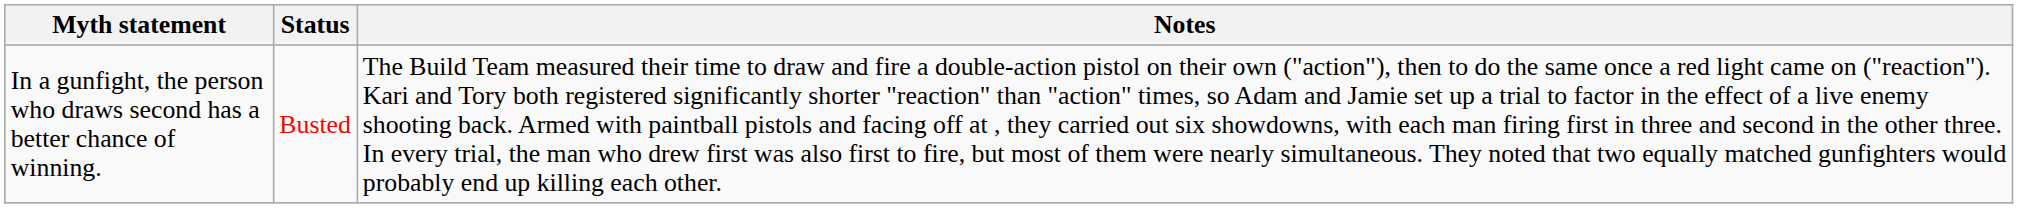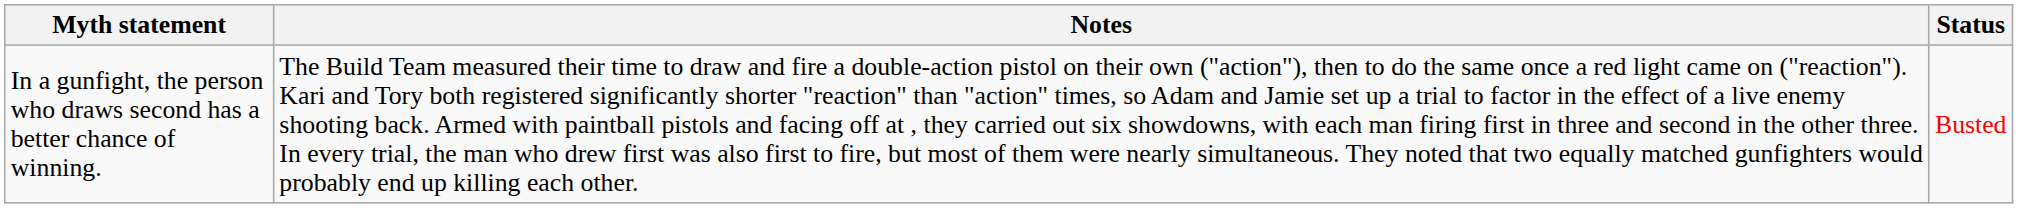 <table class="wikitable plainrowheaders">
 <tr>
 <th>Myth statement</th>
+<th>Notes</th>
 <th>Status</th>
-<th>Notes</th>
 </tr>
 <tr>
 <td>In a gunfight, the person who draws second has a better chance of winning.</td>
+<td>The Build Team measured their time to draw and fire a double-action pistol on their own ("action"), then to do the same once a red light came on ("reaction"). Kari and Tory both registered significantly shorter "reaction" than "action" times, so Adam and Jamie set up a trial to factor in the effect of a live enemy shooting back. Armed with paintball pistols and facing off at , they carried out six showdowns, with each man firing first in three and second in the other three. In every trial, the man who drew first was also first to fire, but most of them were nearly simultaneous. They noted that two equally matched gunfighters would probably end up killing each other.</td>
 <td style="color:red">Busted</td>
-<td>The Build Team measured their time to draw and fire a double-action pistol on their own ("action"), then to do the same once a red light came on ("reaction"). Kari and Tory both registered significantly shorter "reaction" than "action" times, so Adam and Jamie set up a trial to factor in the effect of a live enemy shooting back. Armed with paintball pistols and facing off at , they carried out six showdowns, with each man firing first in three and second in the other three. In every trial, the man who drew first was also first to fire, but most of them were nearly simultaneous. They noted that two equally matched gunfighters would probably end up killing each other.</td>
 </tr>
 </table>
